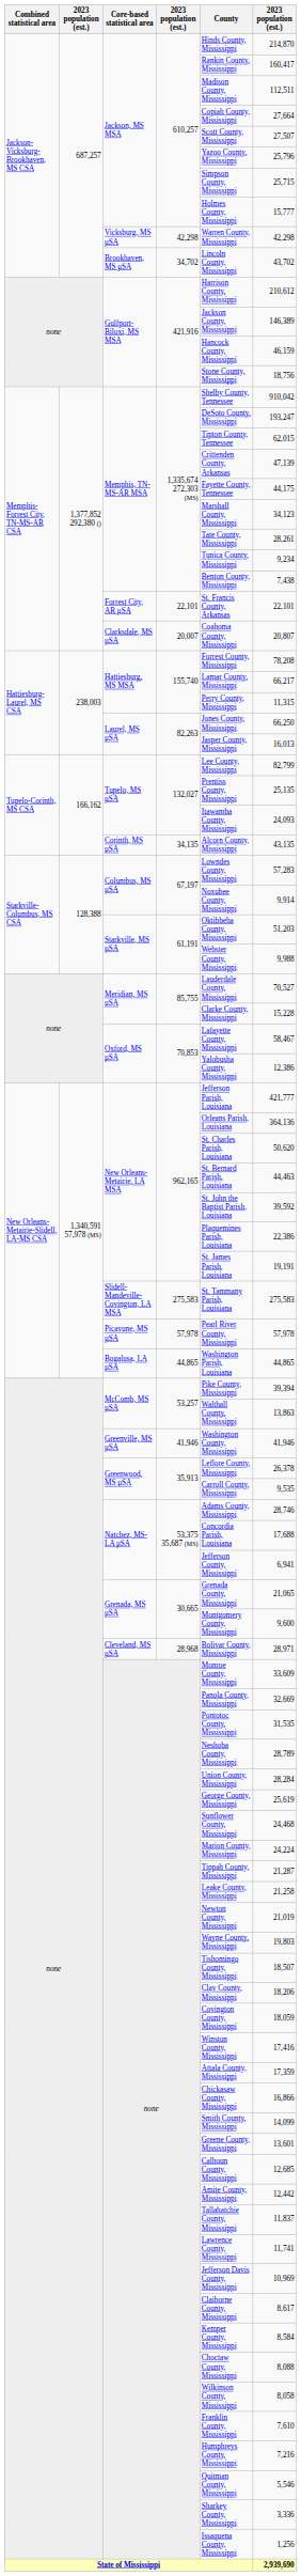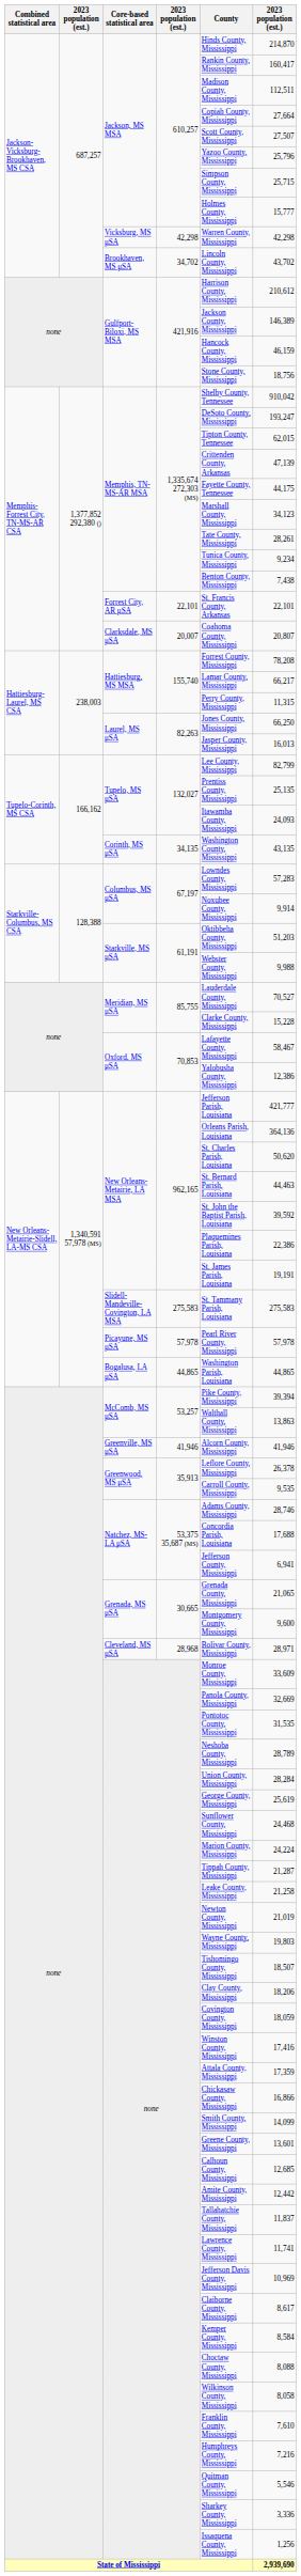 <table class=wikitable>
 <tr>
 <th>Combined statistical area</th>
 <th>2023 population (est.)</th>
 <th>Core-based statistical area</th>
 <th>2023 population (est.)</th>
 <th>County</th>
 <th>2023 population (est.)</th>
 </tr>
 <tr>
 <td rowspan=10><a href='#'>Jackson-Vicksburg-Brookhaven, MS CSA</a></td>
 <td rowspan=10 align=right>687,257</td>
 <td rowspan=8><a href='#'>Jackson, MS MSA</a></td>
 <td rowspan=8 align=right>610,257</td>
 <td><a href='#'>Hinds County, Mississippi</a></td>
 <td align=right>214,870</td>
 </tr>
 <tr>
 <td><a href='#'>Rankin County, Mississippi</a></td>
 <td align=right>160,417</td>
 </tr>
 <tr>
 <td><a href='#'>Madison County, Mississippi</a></td>
 <td align=right>112,511</td>
 </tr>
 <tr>
 <td><a href='#'>Copiah County, Mississippi</a></td>
 <td align=right>27,664</td>
 </tr>
 <tr>
 <td><a href='#'>Scott County, Mississippi</a></td>
 <td align=right>27,507</td>
 </tr>
 <tr>
 <td><a href='#'>Yazoo County, Mississippi</a></td>
 <td align=right>25,796</td>
 </tr>
 <tr>
 <td><a href='#'>Simpson County, Mississippi</a></td>
 <td align=right>25,715</td>
 </tr>
 <tr>
 <td><a href='#'>Holmes County, Mississippi</a></td>
 <td align=right>15,777</td>
 </tr>
 <tr>
 <td rowspan=1><a href='#'>Vicksburg, MS μSA</a></td>
 <td rowspan=1 align=right>42,298</td>
 <td><a href='#'>Warren County, Mississippi</a></td>
 <td align=right>42,298</td>
 </tr>
 <tr>
 <td rowspan=1><a href='#'>Brookhaven, MS μSA</a></td>
 <td rowspan=1 align=right>34,702</td>
 <td><a href='#'>Lincoln County, Mississippi</a></td>
 <td align=right>43,702</td>
 </tr>
 <tr>
 <td rowspan=4 colspan=2 align=center bgcolor=#EEEEEE><em>none</em></td>
 <td rowspan=4><a href='#'>Gulfport-Biloxi, MS MSA</a></td>
 <td rowspan=4 align=right>421,916</td>
 <td><a href='#'>Harrison County, Mississippi</a></td>
 <td align=right>210,612</td>
 </tr>
 <tr>
 <td><a href='#'>Jackson County, Mississippi</a></td>
 <td align=right>146,389</td>
 </tr>
 <tr>
 <td><a href='#'>Hancock County, Mississippi</a></td>
 <td align=right>46,159</td>
 </tr>
 <tr>
 <td><a href='#'>Stone County, Mississippi</a></td>
 <td align=right>18,756</td>
 </tr>
 <tr>
 <td rowspan=11><a href='#'><span>Memphis-Forrest City, TN-MS-AR CSA</span></a></td>
 <td rowspan=11 align=right><span>1,377,852</span><br>292,380 <small>()</small></td>
 <td rowspan=9><a href='#'><span>Memphis, TN-MS-AR MSA</span></a></td>
 <td rowspan=9 align=right><span>1,335,674</span><br>272,303 <small>(MS)</small></td>
 <td><a href='#'><span>Shelby County, Tennessee</span></a></td>
 <td align=right><span>910,042</span></td>
 </tr>
 <tr>
 <td><a href='#'>DeSoto County, Mississippi</a></td>
 <td align=right>193,247</td>
 </tr>
 <tr>
 <td><a href='#'><span>Tipton County, Tennessee</span></a></td>
 <td align=right><span>62,015</span></td>
 </tr>
 <tr>
 <td><a href='#'><span>Crittenden County, Arkansas</span></a></td>
 <td align=right><span>47,139</span></td>
 </tr>
 <tr>
 <td><a href='#'><span>Fayette County, Tennessee</span></a></td>
 <td align=right><span>44,175</span></td>
 </tr>
 <tr>
 <td><a href='#'>Marshall County, Mississippi</a></td>
 <td align=right>34,123</td>
 </tr>
 <tr>
 <td><a href='#'>Tate County, Mississippi</a></td>
 <td align=right>28,261</td>
 </tr>
 <tr>
 <td><a href='#'>Tunica County, Mississippi</a></td>
 <td align=right>9,234</td>
 </tr>
 <tr>
 <td><a href='#'>Benton County, Mississippi</a></td>
 <td align=right>7,438</td>
 </tr>
 <tr>
 <td rowspan=1><a href='#'><span>Forrest City, AR μSA</span></a></td>
 <td rowspan=1 align=right><span>22,101</span></td>
 <td><a href='#'><span>St. Francis County, Arkansas</span></a></td>
 <td align=right><span>22,101</span></td>
 </tr>
 <tr>
 <td rowspan=1><a href='#'>Clarksdale, MS μSA</a></td>
 <td rowspan=1 align=right>20,007</td>
 <td><a href='#'>Coahoma County, Mississippi</a></td>
 <td align=right>20,807</td>
 </tr>
 <tr>
 <td rowspan=5><a href='#'>Hattiesburg-Laurel, MS CSA</a></td>
 <td rowspan=5 align=right>238,003</td>
 <td rowspan=3><a href='#'>Hattiesburg, MS MSA</a></td>
 <td rowspan=3 align=right>155,740</td>
 <td><a href='#'>Forrest County, Mississippi</a></td>
 <td align=right>78,208</td>
 </tr>
 <tr>
 <td><a href='#'>Lamar County, Mississippi</a></td>
 <td align=right>66,217</td>
 </tr>
 <tr>
 <td><a href='#'>Perry County, Mississippi</a></td>
 <td align=right>11,315</td>
 </tr>
 <tr>
 <td rowspan=2><a href='#'>Laurel, MS μSA</a></td>
 <td rowspan=2 align=right>82,263</td>
 <td><a href='#'>Jones County, Mississippi</a></td>
 <td align=right>66,250</td>
 </tr>
 <tr>
 <td><a href='#'>Jasper County, Mississippi</a></td>
 <td align=right>16,013</td>
 </tr>
 <tr>
 <td rowspan=4><a href='#'>Tupelo-Corinth, MS CSA</a></td>
 <td rowspan=4 align=right>166,162</td>
 <td rowspan=3><a href='#'>Tupelo, MS μSA</a></td>
 <td rowspan=3 align=right>132,027</td>
 <td><a href='#'>Lee County, Mississippi</a></td>
 <td align=right>82,799</td>
 </tr>
 <tr>
 <td><a href='#'>Prentiss County, Mississippi</a></td>
 <td align=right>25,135</td>
 </tr>
 <tr>
 <td><a href='#'>Itawamba County, Mississippi</a></td>
 <td align=right>24,093</td>
 </tr>
 <tr>
 <td rowspan=1><a href='#'>Corinth, MS μSA</a></td>
 <td rowspan=1 align=right>34,135</td>
-<td><a href='#'>Alcorn County, Mississippi</a></td>
+<td><a href='#'>Washington County, Mississippi</a></td>
 <td align=right>43,135</td>
 </tr>
 <tr>
 <td rowspan=4><a href='#'>Starkville-Columbus, MS CSA</a></td>
 <td rowspan=4 align=right>128,388</td>
 <td rowspan=2><a href='#'>Columbus, MS μSA</a></td>
 <td rowspan=2 align=right>67,197</td>
 <td><a href='#'>Lowndes County, Mississippi</a></td>
 <td align=right>57,283</td>
 </tr>
 <tr>
 <td><a href='#'>Noxubee County, Mississippi</a></td>
 <td align=right>9,914</td>
 </tr>
 <tr>
 <td rowspan=2><a href='#'>Starkville, MS μSA</a></td>
 <td rowspan=2 align=right>61,191</td>
 <td><a href='#'>Oktibbeha County, Mississippi</a></td>
 <td align=right>51,203</td>
 </tr>
 <tr>
 <td><a href='#'>Webster County, Mississippi</a></td>
 <td align=right>9,988</td>
 </tr>
 <tr>
 <td rowspan=4 colspan=2 align=center bgcolor=#EEEEEE><em>none</em></td>
 <td rowspan=2><a href='#'>Meridian, MS μSA</a></td>
 <td rowspan=2 align=right>85,755</td>
 <td><a href='#'>Lauderdale County, Mississippi</a></td>
 <td align=right>70,527</td>
 </tr>
 <tr>
 <td><a href='#'>Clarke County, Mississippi</a></td>
 <td align=right>15,228</td>
 </tr>
 <tr>
 <td rowspan=2><a href='#'>Oxford, MS μSA</a></td>
 <td rowspan=2 align=right>70,853</td>
 <td><a href='#'>Lafayette County, Mississippi</a></td>
 <td align=right>58,467</td>
 </tr>
 <tr>
 <td><a href='#'>Yalobusha County, Mississippi</a></td>
 <td align=right>12,386</td>
 </tr>
 <tr>
 <td rowspan=10><a href='#'><span>New Orleans-Metairie-Slidell, LA-MS CSA</span></a></td>
 <td rowspan=10 align=right><span>1,340,591</span><br>57,978 <small>(MS)</small></td>
 <td rowspan=7><a href='#'><span>New Orleans-Metairie, LA MSA</span></a></td>
 <td rowspan=7 align=right><span>962,165</span></td>
 <td><a href='#'><span>Jefferson Parish, Louisiana</span></a></td>
 <td align=right><span>421,777</span></td>
 </tr>
 <tr>
 <td><a href='#'><span>Orleans Parish, Louisiana</span></a></td>
 <td align=right><span>364,136</span></td>
 </tr>
 <tr>
 <td><a href='#'><span>St. Charles Parish, Louisiana</span></a></td>
 <td align=right><span>50,620</span></td>
 </tr>
 <tr>
 <td><a href='#'><span>St. Bernard Parish, Louisiana</span></a></td>
 <td align=right><span>44,463</span></td>
 </tr>
 <tr>
 <td><a href='#'><span>St. John the Baptist Parish, Louisiana</span></a></td>
 <td align=right><span>39,592</span></td>
 </tr>
 <tr>
 <td><a href='#'><span>Plaquemines Parish, Louisiana</span></a></td>
 <td align=right><span>22,386</span></td>
 </tr>
 <tr>
 <td><a href='#'><span>St. James Parish, Louisiana</span></a></td>
 <td align=right><span>19,191</span></td>
 </tr>
 <tr>
 <td rowspan=1><a href='#'><span>Slidell-Mandeville-Covington, LA MSA</span></a></td>
 <td rowspan=1 align=right><span>275,583</span></td>
 <td><a href='#'><span>St. Tammany Parish, Louisiana</span></a></td>
 <td align=right><span>275,583</span></td>
 </tr>
 <tr>
 <td rowspan=1><a href='#'>Picayune, MS μSA</a></td>
 <td rowspan=1 align=right>57,978</td>
 <td><a href='#'>Pearl River County, Mississippi</a></td>
 <td align=right>57,978</td>
 </tr>
 <tr>
 <td rowspan=1><a href='#'><span>Bogalusa, LA μSA</span></a></td>
 <td rowspan=1 align=right><span>44,865</span></td>
 <td><a href='#'><span>Washington Parish, Louisiana</span></a></td>
 <td align=right><span>44,865</span></td>
 </tr>
 <tr>
 <td rowspan=45 colspan=2 align=center bgcolor=#EEEEEE><em>none</em></td>
 <td rowspan=2><a href='#'>McComb, MS μSA</a></td>
 <td rowspan=2 align=right>53,257</td>
 <td><a href='#'>Pike County, Mississippi</a></td>
 <td align=right>39,394</td>
 </tr>
 <tr>
 <td><a href='#'>Walthall County, Mississippi</a></td>
 <td align=right>13,863</td>
 </tr>
 <tr>
 <td rowspan=1><a href='#'>Greenville, MS μSA</a></td>
 <td rowspan=1 align=right>41,946</td>
-<td><a href='#'>Washington County, Mississippi</a></td>
+<td><a href='#'>Alcorn County, Mississippi</a></td>
 <td align=right>41,946</td>
 </tr>
 <tr>
 <td rowspan=2><a href='#'>Greenwood, MS μSA</a></td>
 <td rowspan=2 align=right>35,913</td>
 <td><a href='#'>Leflore County, Mississippi</a></td>
 <td align=right>26,378</td>
 </tr>
 <tr>
 <td><a href='#'>Carroll County, Mississippi</a></td>
 <td align=right>9,535</td>
 </tr>
 <tr>
 <td rowspan=3><a href='#'><span>Natchez, MS-LA μSA</span></a></td>
 <td rowspan=3 align=right><span>53,375</span><br>35,687 <small>(MS)</small></td>
 <td><a href='#'>Adams County, Mississippi</a></td>
 <td align=right>28,746</td>
 </tr>
 <tr>
 <td><a href='#'><span>Concordia Parish, Louisiana</span></a></td>
 <td align=right><span>17,688</span></td>
 </tr>
 <tr>
 <td><a href='#'>Jefferson County, Mississippi</a></td>
 <td align=right>6,941</td>
 </tr>
 <tr>
 <td rowspan=2><a href='#'>Grenada, MS μSA</a></td>
 <td rowspan=2 align=right>30,665</td>
 <td><a href='#'>Grenada County, Mississippi</a></td>
 <td align=right>21,065</td>
 </tr>
 <tr>
 <td><a href='#'>Montgomery County, Mississippi</a></td>
 <td align=right>9,600</td>
 </tr>
 <tr>
 <td rowspan=1><a href='#'>Cleveland, MS μSA</a></td>
 <td rowspan=1 align=right>28,968</td>
 <td><a href='#'>Bolivar County, Mississippi</a></td>
 <td align=right>28,971</td>
 </tr>
 <tr>
 <td rowspan=34 colspan=2 align=center bgcolor=#EEEEEE><em>none</em></td>
 <td><a href='#'>Monroe County, Mississippi</a></td>
 <td align=right>33,609</td>
 </tr>
 <tr>
 <td><a href='#'>Panola County, Mississippi</a></td>
 <td align=right>32,669</td>
 </tr>
 <tr>
 <td><a href='#'>Pontotoc County, Mississippi</a></td>
 <td align=right>31,535</td>
 </tr>
 <tr>
 <td><a href='#'>Neshoba County, Mississippi</a></td>
 <td align=right>28,789</td>
 </tr>
 <tr>
 <td><a href='#'>Union County, Mississippi</a></td>
 <td align=right>28,284</td>
 </tr>
 <tr>
 <td><a href='#'>George County, Mississippi</a></td>
 <td align=right>25,619</td>
 </tr>
 <tr>
 <td><a href='#'>Sunflower County, Mississippi</a></td>
 <td align=right>24,468</td>
 </tr>
 <tr>
 <td><a href='#'>Marion County, Mississippi</a></td>
 <td align=right>24,224</td>
 </tr>
 <tr>
 <td><a href='#'>Tippah County, Mississippi</a></td>
 <td align=right>21,287</td>
 </tr>
 <tr>
 <td><a href='#'>Leake County, Mississippi</a></td>
 <td align=right>21,258</td>
 </tr>
 <tr>
 <td><a href='#'>Newton County, Mississippi</a></td>
 <td align=right>21,019</td>
 </tr>
 <tr>
 <td><a href='#'>Wayne County, Mississippi</a></td>
 <td align=right>19,803</td>
 </tr>
 <tr>
 <td><a href='#'>Tishomingo County, Mississippi</a></td>
 <td align=right>18,507</td>
 </tr>
 <tr>
 <td><a href='#'>Clay County, Mississippi</a></td>
 <td align=right>18,206</td>
 </tr>
 <tr>
 <td><a href='#'>Covington County, Mississippi</a></td>
 <td align=right>18,059</td>
 </tr>
 <tr>
 <td><a href='#'>Winston County, Mississippi</a></td>
 <td align=right>17,416</td>
 </tr>
 <tr>
 <td><a href='#'>Attala County, Mississippi</a></td>
 <td align=right>17,359</td>
 </tr>
 <tr>
 <td><a href='#'>Chickasaw County, Mississippi</a></td>
 <td align=right>16,866</td>
 </tr>
 <tr>
 <td><a href='#'>Smith County, Mississippi</a></td>
 <td align=right>14,099</td>
 </tr>
 <tr>
 <td><a href='#'>Greene County, Mississippi</a></td>
 <td align=right>13,601</td>
 </tr>
 <tr>
 <td><a href='#'>Calhoun County, Mississippi</a></td>
 <td align=right>12,685</td>
 </tr>
 <tr>
 <td><a href='#'>Amite County, Mississippi</a></td>
 <td align=right>12,442</td>
 </tr>
 <tr>
 <td><a href='#'>Tallahatchie County, Mississippi</a></td>
 <td align=right>11,837</td>
 </tr>
 <tr>
 <td><a href='#'>Lawrence County, Mississippi</a></td>
 <td align=right>11,741</td>
 </tr>
 <tr>
 <td><a href='#'>Jefferson Davis County, Mississippi</a></td>
 <td align=right>10,969</td>
 </tr>
 <tr>
 <td><a href='#'>Claiborne County, Mississippi</a></td>
 <td align=right>8,617</td>
 </tr>
 <tr>
 <td><a href='#'>Kemper County, Mississippi</a></td>
 <td align=right>8,584</td>
 </tr>
 <tr>
 <td><a href='#'>Choctaw County, Mississippi</a></td>
 <td align=right>8,088</td>
 </tr>
 <tr>
 <td><a href='#'>Wilkinson County, Mississippi</a></td>
 <td align=right>8,058</td>
 </tr>
 <tr>
 <td><a href='#'>Franklin County, Mississippi</a></td>
 <td align=right>7,610</td>
 </tr>
 <tr>
 <td><a href='#'>Humphreys County, Mississippi</a></td>
 <td align=right>7,216</td>
 </tr>
 <tr>
 <td><a href='#'>Quitman County, Mississippi</a></td>
 <td align=right>5,546</td>
 </tr>
 <tr>
 <td><a href='#'>Sharkey County, Mississippi</a></td>
 <td align=right>3,336</td>
 </tr>
 <tr>
 <td><a href='#'>Issaquena County, Mississippi</a></td>
 <td align=right>1,256</td>
 </tr>
 <tr style="font-weight:bold;" bgcolor=#FFFFBB>
 <td colspan=5 align=center><a href='#'>State of Mississippi</a></td>
 <td align=right>2,939,690</td>
 </tr>
 </table>
